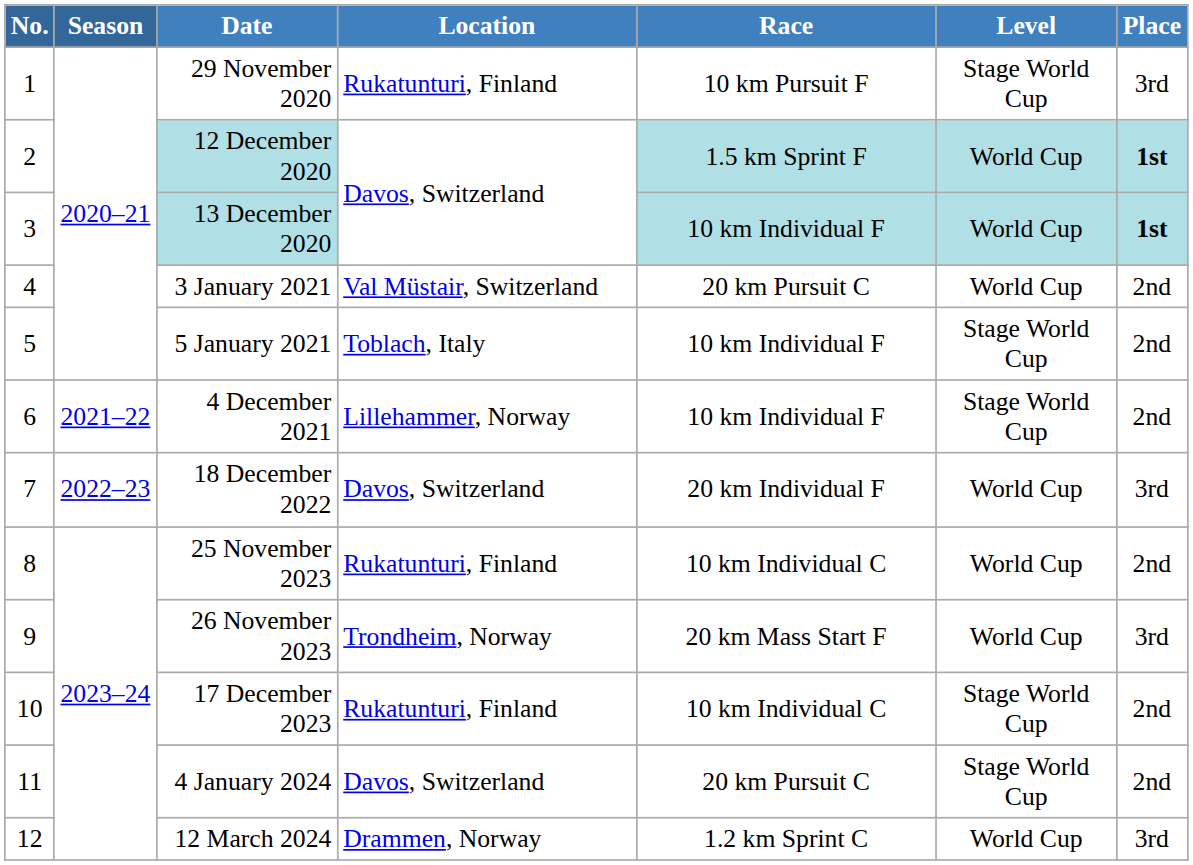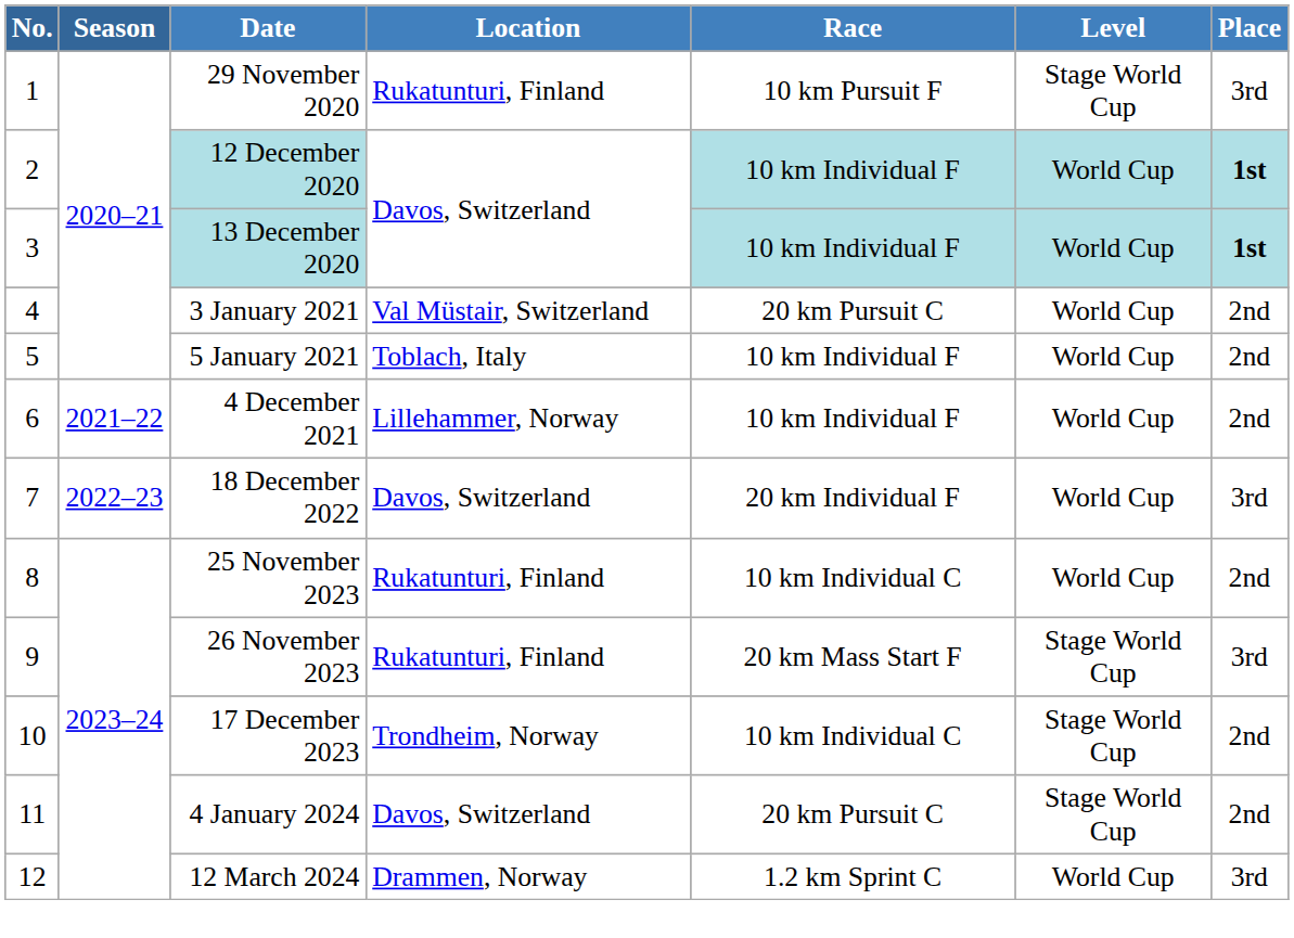 <table class="wikitable sortable" style="font-size:95%; text-align:center; border:grey solid 1px; border-collapse:collapse; background:#ffffff;">
 <tr style="background:#efefef;">
 <th style="background-color:#369; color:white;">No.</th>
 <th style="background-color:#369; color:white;">Season</th>
 <th style="background-color:#4180be; color:white; width:100px;">Date</th>
 <th style="background-color:#4180be; color:white; width:170px;">Location</th>
 <th style="background-color:#4180be; color:white; width:170px;">Race</th>
 <th style="background-color:#4180be; color:white; width:100px;">Level</th>
 <th style="background-color:#4180be; color:white;">Place</th>
 </tr>
 <tr>
 <td align=center>1</td>
 <td rowspan=5 align=center><a href='#'>2020–21</a></td>
 <td align=right>29 November 2020</td>
 <td align=left> <a href='#'>Rukatunturi</a>, Finland</td>
 <td>10 km Pursuit F</td>
 <td>Stage World Cup</td>
 <td>3rd</td>
 </tr>
 <tr>
 <td align=center>2</td>
 <td bgcolor="#BOEOE6" align=right>12 December 2020</td>
 <td rowspan=2 align=left> <a href='#'>Davos</a>, Switzerland</td>
-<td bgcolor="#BOEOE6">1.5 km Sprint F</td>
+<td bgcolor="#BOEOE6">10 km Individual F</td>
 <td bgcolor="#BOEOE6">World Cup</td>
 <td bgcolor="#BOEOE6"><strong>1st</strong></td>
 </tr>
 <tr>
 <td align=center>3</td>
 <td bgcolor="#BOEOE6" align=right>13 December 2020</td>
 <td bgcolor="#BOEOE6">10 km Individual F</td>
 <td bgcolor="#BOEOE6">World Cup</td>
 <td bgcolor="#BOEOE6"><strong>1st</strong></td>
 </tr>
 <tr>
 <td align=center>4</td>
 <td align=right>3 January 2021</td>
 <td align=left> <a href='#'>Val Müstair</a>, Switzerland</td>
 <td>20 km Pursuit C</td>
 <td>World Cup</td>
 <td>2nd</td>
 </tr>
 <tr>
 <td align=center>5</td>
 <td align=right>5 January 2021</td>
 <td align=left> <a href='#'>Toblach</a>, Italy</td>
 <td>10 km Individual F</td>
-<td>Stage World Cup</td>
+<td>World Cup</td>
 <td>2nd</td>
 </tr>
 <tr>
 <td align=center>6</td>
 <td rowspan=1 align=center><a href='#'>2021–22</a></td>
 <td align=right>4 December 2021</td>
 <td align=left> <a href='#'>Lillehammer</a>, Norway</td>
 <td>10 km Individual F</td>
-<td>Stage World Cup</td>
+<td>World Cup</td>
 <td>2nd</td>
 </tr>
 <tr>
 <td align=center>7</td>
 <td rowspan=1 align=center><a href='#'>2022–23</a></td>
 <td align=right>18 December 2022</td>
 <td align=left> <a href='#'>Davos</a>, Switzerland</td>
 <td>20 km Individual F</td>
 <td>World Cup</td>
 <td>3rd</td>
 </tr>
 <tr>
 <td align=center>8</td>
 <td rowspan="5" align="center"><a href='#'>2023–24</a></td>
 <td align=right>25 November 2023</td>
 <td align=left> <a href='#'>Rukatunturi</a>, Finland</td>
 <td>10 km Individual C</td>
 <td>World Cup</td>
 <td>2nd</td>
 </tr>
 <tr>
 <td align=center>9</td>
 <td align=right>26 November 2023</td>
-<td align=left> <a href='#'>Trondheim</a>, Norway</td>
+<td align=left> <a href='#'>Rukatunturi</a>, Finland</td>
 <td>20 km Mass Start F</td>
-<td>World Cup</td>
+<td>Stage World Cup</td>
 <td>3rd</td>
 </tr>
 <tr>
 <td align=center>10</td>
 <td align=right>17 December 2023</td>
-<td align=left> <a href='#'>Rukatunturi</a>, Finland</td>
+<td align=left> <a href='#'>Trondheim</a>, Norway</td>
 <td>10 km Individual C</td>
 <td>Stage World Cup</td>
 <td>2nd</td>
 </tr>
 <tr>
 <td align=center>11</td>
 <td align=right>4 January 2024</td>
 <td align=left> <a href='#'>Davos</a>, Switzerland</td>
 <td>20 km Pursuit C</td>
 <td>Stage World Cup</td>
 <td>2nd</td>
 </tr>
 <tr>
 <td align=center>12</td>
 <td align=right>12 March 2024</td>
 <td align=left> <a href='#'>Drammen</a>, Norway</td>
 <td>1.2 km Sprint C</td>
 <td>World Cup</td>
 <td>3rd</td>
 </tr>
 </table>
